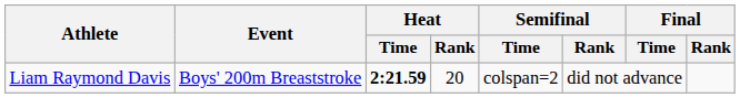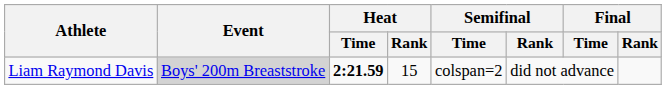 <table class=wikitable style="font-size:90%">
 <tr>
 <th rowspan=2>Athlete</th>
 <th rowspan=2>Event</th>
 <th colspan="2">Heat</th>
 <th colspan="2">Semifinal</th>
 <th colspan="2">Final</th>
 </tr>
 <tr style="font-size:95%">
 <th>Time</th>
 <th>Rank</th>
 <th>Time</th>
 <th>Rank</th>
 <th>Time</th>
 <th>Rank</th>
 </tr>
 <tr align=center>
 <td align=left><a href='#'>Liam Raymond Davis</a></td>
-<td align=left><a href='#'>Boys' 200m Breaststroke</a></td>
+<td align=left style="background: lightgrey;"><a href='#'>Boys' 200m Breaststroke</a></td>
 <td><strong>2:21.59</strong></td>
-<td>20</td>
+<td>15</td>
 <td>colspan=2 </td>
 <td colspan=2>did not advance</td>
 </tr>
 </table>
